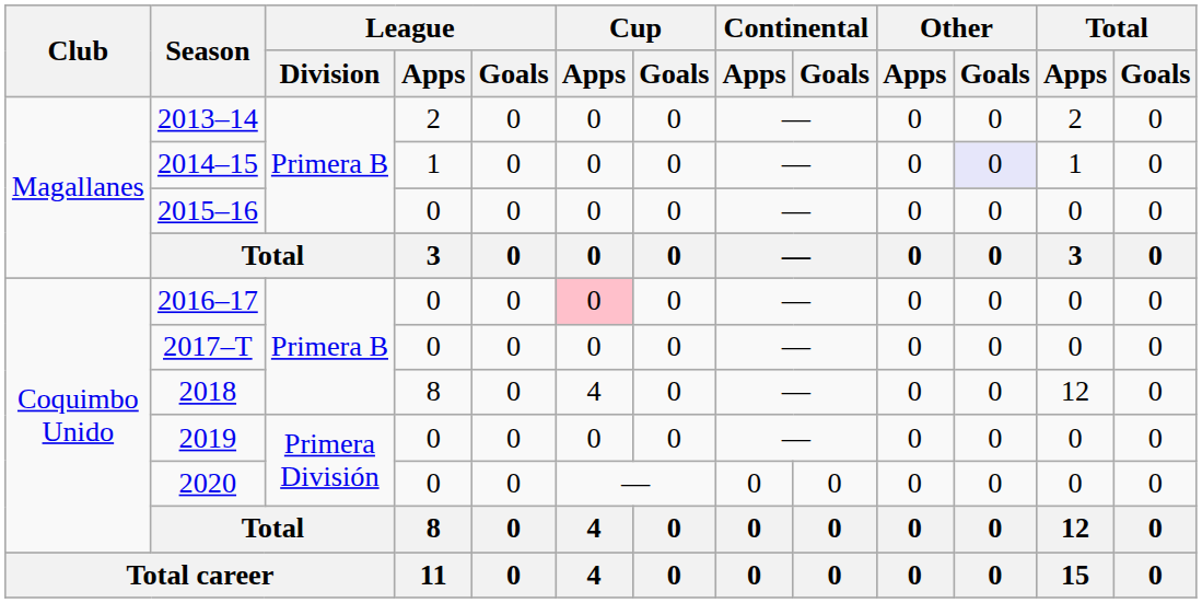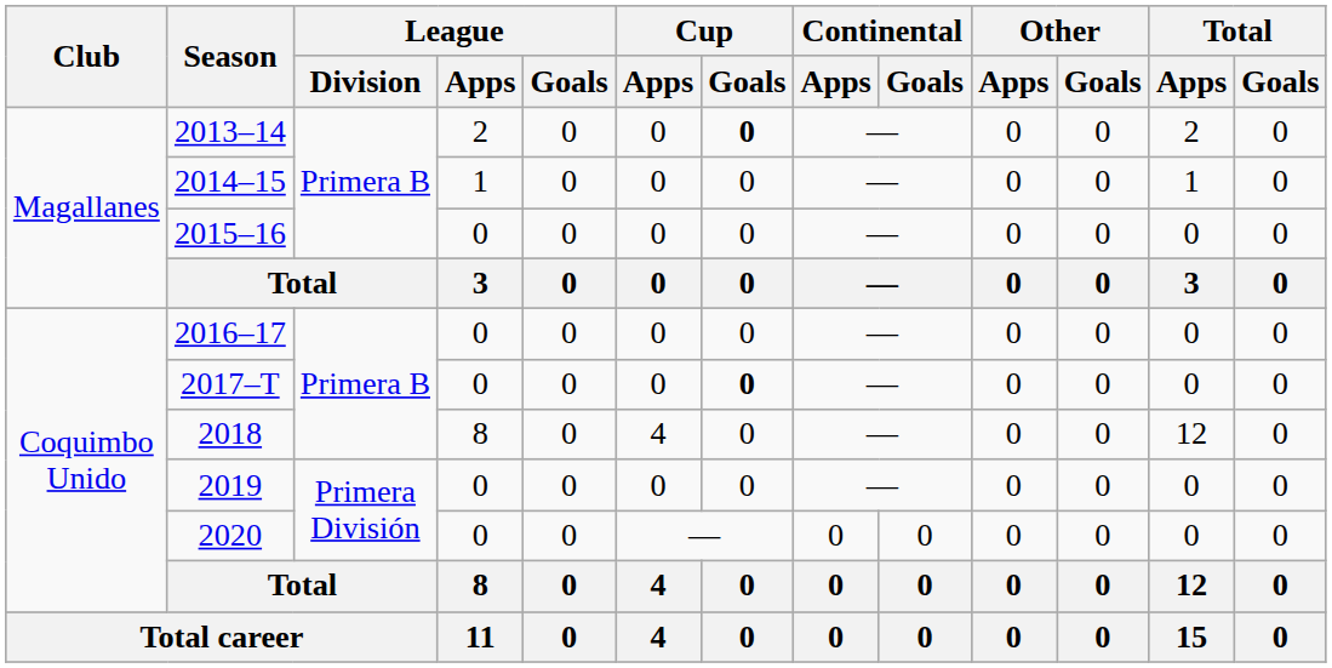 <table class="wikitable" style="text-align: center">
 <tr>
 <th rowspan="2">Club</th>
 <th rowspan="2">Season</th>
 <th colspan="3">League</th>
 <th colspan="2">Cup</th>
 <th colspan="2">Continental</th>
 <th colspan="2">Other</th>
 <th colspan="2">Total</th>
 </tr>
 <tr>
 <th>Division</th>
 <th>Apps</th>
 <th>Goals</th>
 <th>Apps</th>
 <th>Goals</th>
 <th>Apps</th>
 <th>Goals</th>
 <th>Apps</th>
 <th>Goals</th>
 <th>Apps</th>
 <th>Goals</th>
 </tr>
 <tr>
 <td rowspan="4"><a href='#'>Magallanes</a></td>
 <td><a href='#'>2013–14</a></td>
 <td rowspan="3"><a href='#'>Primera B</a></td>
 <td>2</td>
 <td>0</td>
 <td>0</td>
-<td>0</td>
+<td><strong>0</strong></td>
 <td colspan="2">—</td>
 <td>0</td>
 <td>0</td>
 <td>2</td>
 <td>0</td>
 </tr>
 <tr>
 <td><a href='#'>2014–15</a></td>
 <td>1</td>
 <td>0</td>
 <td>0</td>
 <td>0</td>
 <td colspan="2">—</td>
 <td>0</td>
-<td style="background: lavender;">0</td>
+<td>0</td>
 <td>1</td>
 <td>0</td>
 </tr>
 <tr>
 <td><a href='#'>2015–16</a></td>
 <td>0</td>
 <td>0</td>
 <td>0</td>
 <td>0</td>
 <td colspan="2">—</td>
 <td>0</td>
 <td>0</td>
 <td>0</td>
 <td>0</td>
 </tr>
 <tr>
 <th colspan="2"><strong>Total</strong></th>
 <th>3</th>
 <th>0</th>
 <th>0</th>
 <th>0</th>
 <th colspan="2">—</th>
 <th>0</th>
 <th>0</th>
 <th>3</th>
 <th>0</th>
 </tr>
 <tr>
 <td rowspan="6"><a href='#'>Coquimbo<br>Unido</a></td>
 <td><a href='#'>2016–17</a></td>
 <td rowspan="3"><a href='#'>Primera B</a></td>
 <td>0</td>
 <td>0</td>
-<td style="background: pink;">0</td>
+<td>0</td>
 <td>0</td>
 <td colspan="2">—</td>
 <td>0</td>
 <td>0</td>
 <td>0</td>
 <td>0</td>
 </tr>
 <tr>
 <td><a href='#'>2017–T</a></td>
 <td>0</td>
 <td>0</td>
 <td>0</td>
-<td>0</td>
+<td><strong>0</strong></td>
 <td colspan="2">—</td>
 <td>0</td>
 <td>0</td>
 <td>0</td>
 <td>0</td>
 </tr>
 <tr>
 <td><a href='#'>2018</a></td>
 <td>8</td>
 <td>0</td>
 <td>4</td>
 <td>0</td>
 <td colspan="2">—</td>
 <td>0</td>
 <td>0</td>
 <td>12</td>
 <td>0</td>
 </tr>
 <tr>
 <td><a href='#'>2019</a></td>
 <td rowspan="2"><a href='#'>Primera<br>División</a></td>
 <td>0</td>
 <td>0</td>
 <td>0</td>
 <td>0</td>
 <td colspan="2">—</td>
 <td>0</td>
 <td>0</td>
 <td>0</td>
 <td>0</td>
 </tr>
 <tr>
 <td><a href='#'>2020</a></td>
 <td>0</td>
 <td>0</td>
 <td colspan="2">—</td>
 <td>0</td>
 <td>0</td>
 <td>0</td>
 <td>0</td>
 <td>0</td>
 <td>0</td>
 </tr>
 <tr>
 <th colspan="2"><strong>Total</strong></th>
 <th>8</th>
 <th>0</th>
 <th>4</th>
 <th>0</th>
 <th>0</th>
 <th>0</th>
 <th>0</th>
 <th>0</th>
 <th>12</th>
 <th>0</th>
 </tr>
 <tr>
 <th colspan="3"><strong>Total career</strong></th>
 <th>11</th>
 <th>0</th>
 <th>4</th>
 <th>0</th>
 <th>0</th>
 <th>0</th>
 <th>0</th>
 <th>0</th>
 <th>15</th>
 <th>0</th>
 </tr>
 </table>
